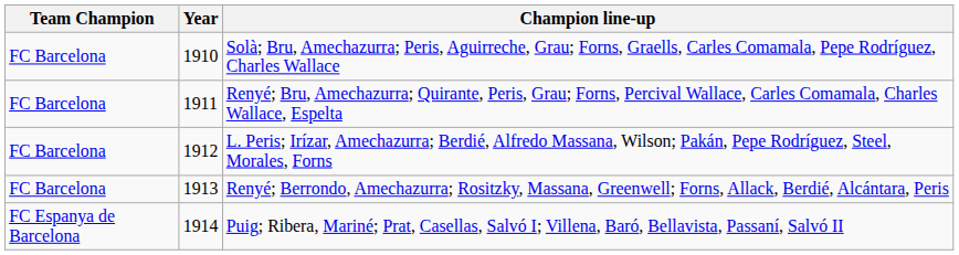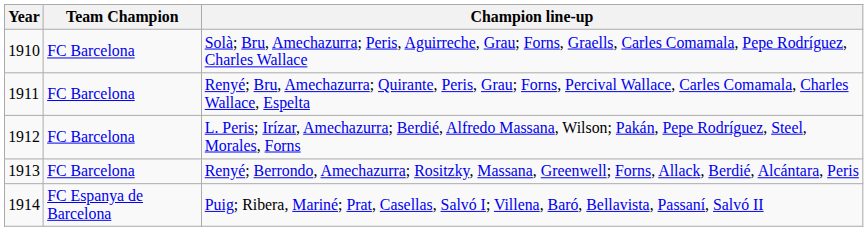 <table class="wikitable" style="text-align: center">
 <tr>
+<th style = "background: # CCDDEE;">Year</th>
 <th style = "background: # CCDDEE;">Team Champion</th>
-<th style = "background: # CCDDEE;">Year</th>
 <th style = "background: # CCDDEE;">Champion line-up</th>
 </tr>
 <tr align="left">
+<td>1910</td>
 <td><a href='#'>FC Barcelona</a></td>
-<td>1910</td>
 <td><a href='#'>Solà</a>; <a href='#'>Bru</a>, <a href='#'>Amechazurra</a>; <a href='#'>Peris</a>, <a href='#'>Aguirreche</a>, <a href='#'>Grau</a>; <a href='#'>Forns</a>, <a href='#'>Graells</a>, <a href='#'>Carles Comamala</a>, <a href='#'>Pepe Rodríguez</a>, <a href='#'>Charles Wallace</a></td>
 </tr>
 <tr align="left">
+<td>1911</td>
 <td><a href='#'>FC Barcelona</a></td>
-<td>1911</td>
 <td><a href='#'>Renyé</a>; <a href='#'>Bru</a>, <a href='#'>Amechazurra</a>; <a href='#'>Quirante</a>, <a href='#'>Peris</a>, <a href='#'>Grau</a>; <a href='#'>Forns</a>, <a href='#'>Percival Wallace</a>, <a href='#'>Carles Comamala</a>, <a href='#'>Charles Wallace</a>, <a href='#'>Espelta</a></td>
 </tr>
 <tr align="left">
+<td>1912</td>
 <td><a href='#'>FC Barcelona</a></td>
-<td>1912</td>
 <td><a href='#'>L. Peris</a>; <a href='#'>Irízar</a>, <a href='#'>Amechazurra</a>; <a href='#'>Berdié</a>, <a href='#'>Alfredo Massana</a>, Wilson; <a href='#'>Pakán</a>, <a href='#'>Pepe Rodríguez</a>, <a href='#'>Steel</a>, <a href='#'>Morales</a>, <a href='#'>Forns</a></td>
 </tr>
 <tr align="left">
+<td>1913</td>
 <td><a href='#'>FC Barcelona</a></td>
-<td>1913</td>
 <td><a href='#'>Renyé</a>; <a href='#'>Berrondo</a>, <a href='#'>Amechazurra</a>; <a href='#'>Rositzky</a>, <a href='#'>Massana</a>, <a href='#'>Greenwell</a>; <a href='#'>Forns</a>, <a href='#'>Allack</a>, <a href='#'>Berdié</a>, <a href='#'>Alcántara</a>, <a href='#'>Peris</a></td>
 </tr>
 <tr align="left">
+<td>1914</td>
 <td><a href='#'>FC Espanya de Barcelona</a></td>
-<td>1914</td>
 <td><a href='#'>Puig</a>; Ribera, <a href='#'>Mariné</a>; <a href='#'>Prat</a>, <a href='#'>Casellas</a>, <a href='#'>Salvó I</a>; <a href='#'>Villena</a>, <a href='#'>Baró</a>, <a href='#'>Bellavista</a>, <a href='#'>Passaní</a>, <a href='#'>Salvó II</a></td>
 </tr>
 </table>
